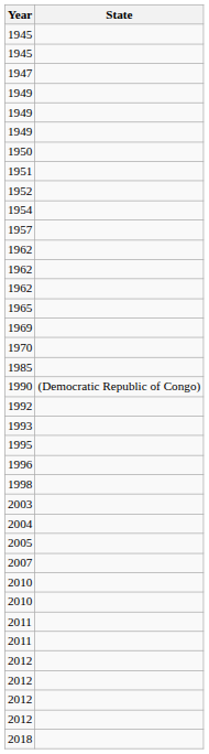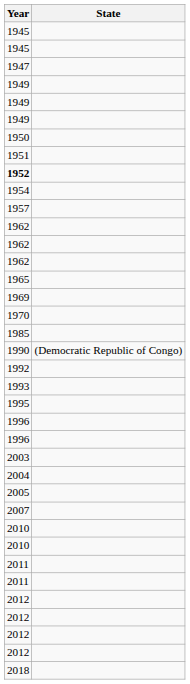 <table class="wikitable">
 <tr>
 <th>Year</th>
 <th>State</th>
 </tr>
 <tr>
 <td>1945</td>
 <td></td>
 </tr>
 <tr>
 <td>1945</td>
 <td></td>
 </tr>
 <tr>
 <td>1947</td>
 <td></td>
 </tr>
 <tr>
 <td>1949</td>
 <td></td>
 </tr>
 <tr>
 <td>1949</td>
 <td></td>
 </tr>
 <tr>
 <td>1949</td>
 <td></td>
 </tr>
 <tr>
 <td>1950</td>
 <td></td>
 </tr>
 <tr>
 <td>1951</td>
 <td></td>
 </tr>
 <tr>
-<td>1952</td>
+<td><strong>1952</strong></td>
 <td></td>
 </tr>
 <tr>
 <td>1954</td>
 <td></td>
 </tr>
 <tr>
 <td>1957</td>
 <td></td>
 </tr>
 <tr>
 <td>1962</td>
 <td></td>
 </tr>
 <tr>
 <td>1962</td>
 <td></td>
 </tr>
 <tr>
 <td>1962</td>
 <td></td>
 </tr>
 <tr>
 <td>1965</td>
 <td></td>
 </tr>
 <tr>
 <td>1969</td>
 <td></td>
 </tr>
 <tr>
 <td>1970</td>
 <td></td>
 </tr>
 <tr>
 <td>1985</td>
 <td></td>
 </tr>
 <tr>
 <td>1990</td>
 <td> (Democratic Republic of Congo)</td>
 </tr>
 <tr>
 <td>1992</td>
 <td></td>
 </tr>
 <tr>
 <td>1993</td>
 <td></td>
 </tr>
 <tr>
 <td>1995</td>
 <td></td>
 </tr>
 <tr>
 <td>1996</td>
 <td></td>
 </tr>
 <tr>
-<td>1998</td>
+<td>1996</td>
 <td></td>
 </tr>
 <tr>
 <td>2003</td>
 <td></td>
 </tr>
 <tr>
 <td>2004</td>
 <td></td>
 </tr>
 <tr>
 <td>2005</td>
 <td></td>
 </tr>
 <tr>
 <td>2007</td>
 <td></td>
 </tr>
 <tr>
 <td>2010</td>
 <td></td>
 </tr>
 <tr>
 <td>2010</td>
 <td></td>
 </tr>
 <tr>
 <td>2011</td>
 <td></td>
 </tr>
 <tr>
 <td>2011</td>
 <td></td>
 </tr>
 <tr>
 <td>2012</td>
 <td></td>
 </tr>
 <tr>
 <td>2012</td>
 <td></td>
 </tr>
 <tr>
 <td>2012</td>
 <td></td>
 </tr>
 <tr>
 <td>2012</td>
 <td></td>
 </tr>
 <tr>
 <td>2018</td>
 <td></td>
 </tr>
 </table>
